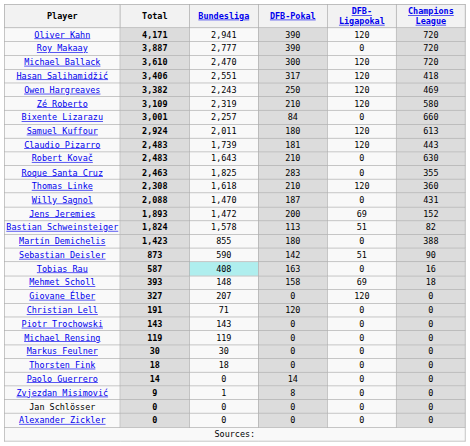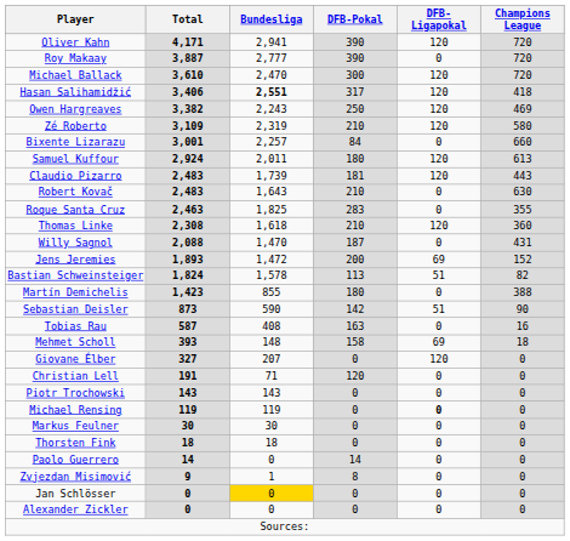 <table class="wikitable" style="text-align: center">
 <tr align="center" style="background:#9C9C9C">
 <th>Player</th>
 <th style="width:100px">Total</th>
 <th style="width:100px"><a href='#'>Bundesliga</a></th>
 <th style="width:100px"><a href='#'>DFB-Pokal</a></th>
 <th style="width:100px"><a href='#'>DFB-Ligapokal</a></th>
 <th style="width:100px"><a href='#'>Champions<br>League</a></th>
 </tr>
 <tr>
 <td><a href='#'>Oliver Kahn</a></td>
 <td style="background:#DCDCDC"><strong>4,171</strong> </td>
 <td>2,941 </td>
 <td style="background:#DCDCDC">390 </td>
 <td>120 </td>
 <td style="background:#DCDCDC">720 </td>
 </tr>
 <tr>
 <td><a href='#'>Roy Makaay</a></td>
 <td style="background:#DCDCDC"><strong>3,887</strong> </td>
 <td>2,777 </td>
 <td style="background:#DCDCDC">390 </td>
 <td>0 </td>
 <td style="background:#DCDCDC">720 </td>
 </tr>
 <tr>
 <td><a href='#'>Michael Ballack</a></td>
 <td style="background:#DCDCDC"><strong>3,610</strong> </td>
 <td>2,470 </td>
 <td style="background:#DCDCDC">300 </td>
 <td>120 </td>
 <td style="background:#DCDCDC">720 </td>
 </tr>
 <tr>
 <td><a href='#'>Hasan Salihamidžić</a></td>
 <td style="background:#DCDCDC"><strong>3,406</strong> </td>
-<td>2,551 </td>
+<td><strong>2,551 </strong></td>
 <td style="background:#DCDCDC">317 </td>
 <td>120 </td>
 <td style="background:#DCDCDC">418 </td>
 </tr>
 <tr>
 <td><a href='#'>Owen Hargreaves</a></td>
 <td style="background:#DCDCDC"><strong>3,382</strong> </td>
 <td>2,243 </td>
 <td style="background:#DCDCDC">250 </td>
 <td>120 </td>
 <td style="background:#DCDCDC">469 </td>
 </tr>
 <tr>
 <td><a href='#'>Zé Roberto</a></td>
 <td style="background:#DCDCDC"><strong>3,109</strong> </td>
 <td>2,319 </td>
 <td style="background:#DCDCDC">210 </td>
 <td>120 </td>
 <td style="background:#DCDCDC">580 </td>
 </tr>
 <tr>
 <td><a href='#'>Bixente Lizarazu</a></td>
 <td style="background:#DCDCDC"><strong>3,001</strong> </td>
 <td>2,257 </td>
 <td style="background:#DCDCDC">84 </td>
 <td>0 </td>
 <td style="background:#DCDCDC">660 </td>
 </tr>
 <tr>
 <td><a href='#'>Samuel Kuffour</a></td>
 <td style="background:#DCDCDC"><strong>2,924</strong> </td>
 <td>2,011 </td>
 <td style="background:#DCDCDC">180 </td>
 <td>120 </td>
 <td style="background:#DCDCDC">613 </td>
 </tr>
 <tr>
 <td><a href='#'>Claudio Pizarro</a></td>
 <td style="background:#DCDCDC"><strong>2,483</strong> </td>
 <td>1,739 </td>
 <td style="background:#DCDCDC">181 </td>
 <td>120 </td>
 <td style="background:#DCDCDC">443 </td>
 </tr>
 <tr>
 <td><a href='#'>Robert Kovač</a></td>
 <td style="background:#DCDCDC"><strong>2,483</strong> </td>
 <td>1,643 </td>
 <td style="background:#DCDCDC">210 </td>
 <td>0 </td>
 <td style="background:#DCDCDC">630 </td>
 </tr>
 <tr>
 <td><a href='#'>Roque Santa Cruz</a></td>
 <td style="background:#DCDCDC"><strong>2,463</strong> </td>
 <td>1,825 </td>
 <td style="background:#DCDCDC">283 </td>
 <td>0 </td>
 <td style="background:#DCDCDC">355 </td>
 </tr>
 <tr>
 <td><a href='#'>Thomas Linke</a></td>
 <td style="background:#DCDCDC"><strong>2,308</strong> </td>
 <td>1,618 </td>
 <td style="background:#DCDCDC">210 </td>
 <td>120 </td>
 <td style="background:#DCDCDC">360 </td>
 </tr>
 <tr>
 <td><a href='#'>Willy Sagnol</a></td>
 <td style="background:#DCDCDC"><strong>2,088</strong> </td>
 <td>1,470 </td>
 <td style="background:#DCDCDC">187 </td>
 <td>0 </td>
 <td style="background:#DCDCDC">431 </td>
 </tr>
 <tr>
 <td><a href='#'>Jens Jeremies</a></td>
 <td style="background:#DCDCDC"><strong>1,893</strong> </td>
 <td>1,472 </td>
 <td style="background:#DCDCDC">200 </td>
 <td>69 </td>
 <td style="background:#DCDCDC">152 </td>
 </tr>
 <tr>
 <td><a href='#'>Bastian Schweinsteiger</a></td>
 <td style="background:#DCDCDC"><strong>1,824</strong> </td>
 <td>1,578 </td>
 <td style="background:#DCDCDC">113 </td>
 <td>51 </td>
 <td style="background:#DCDCDC">82 </td>
 </tr>
 <tr>
 <td><a href='#'>Martín Demichelis</a></td>
 <td style="background:#DCDCDC"><strong>1,423</strong> </td>
 <td>855 </td>
 <td style="background:#DCDCDC">180 </td>
 <td>0 </td>
 <td style="background:#DCDCDC">388 </td>
 </tr>
 <tr>
 <td><a href='#'>Sebastian Deisler</a></td>
 <td style="background:#DCDCDC"><strong>873</strong> </td>
 <td>590 </td>
 <td style="background:#DCDCDC">142 </td>
 <td>51 </td>
 <td style="background:#DCDCDC">90 </td>
 </tr>
 <tr>
 <td><a href='#'>Tobias Rau</a></td>
 <td style="background:#DCDCDC"><strong>587</strong> </td>
-<td style="background: paleturquoise;">408 </td>
+<td>408 </td>
 <td style="background:#DCDCDC">163 </td>
 <td>0 </td>
 <td style="background:#DCDCDC">16 </td>
 </tr>
 <tr>
 <td><a href='#'>Mehmet Scholl</a></td>
 <td style="background:#DCDCDC"><strong>393</strong> </td>
 <td>148 </td>
 <td style="background:#DCDCDC">158 </td>
 <td>69 </td>
 <td style="background:#DCDCDC">18 </td>
 </tr>
 <tr>
 <td><a href='#'>Giovane Élber</a></td>
 <td style="background:#DCDCDC"><strong>327</strong> </td>
 <td>207 </td>
 <td style="background:#DCDCDC">0 </td>
 <td>120 </td>
 <td style="background:#DCDCDC">0 </td>
 </tr>
 <tr>
 <td><a href='#'>Christian Lell</a></td>
 <td style="background:#DCDCDC"><strong>191</strong> </td>
 <td>71 </td>
 <td style="background:#DCDCDC">120 </td>
 <td>0 </td>
 <td style="background:#DCDCDC">0 </td>
 </tr>
 <tr>
 <td><a href='#'>Piotr Trochowski</a></td>
 <td style="background:#DCDCDC"><strong>143</strong> </td>
 <td>143 </td>
 <td style="background:#DCDCDC">0 </td>
 <td>0 </td>
 <td style="background:#DCDCDC">0 </td>
 </tr>
 <tr>
 <td><a href='#'>Michael Rensing</a></td>
 <td style="background:#DCDCDC"><strong>119</strong> </td>
 <td>119 </td>
 <td style="background:#DCDCDC">0 </td>
-<td>0 </td>
+<td><strong>0 </strong></td>
 <td style="background:#DCDCDC">0 </td>
 </tr>
 <tr>
 <td><a href='#'>Markus Feulner</a></td>
 <td style="background:#DCDCDC"><strong>30</strong> </td>
 <td>30 </td>
 <td style="background:#DCDCDC">0 </td>
 <td>0 </td>
 <td style="background:#DCDCDC">0 </td>
 </tr>
 <tr>
 <td><a href='#'>Thorsten Fink</a></td>
 <td style="background:#DCDCDC"><strong>18</strong> </td>
 <td>18 </td>
 <td style="background:#DCDCDC">0 </td>
 <td>0 </td>
 <td style="background:#DCDCDC">0 </td>
 </tr>
 <tr>
 <td><a href='#'>Paolo Guerrero</a></td>
 <td style="background:#DCDCDC"><strong>14</strong> </td>
 <td>0 </td>
 <td style="background:#DCDCDC">14 </td>
 <td>0 </td>
 <td style="background:#DCDCDC">0 </td>
 </tr>
 <tr>
 <td><a href='#'>Zvjezdan Misimović</a></td>
 <td style="background:#DCDCDC"><strong>9</strong> </td>
 <td>1 </td>
 <td style="background:#DCDCDC">8 </td>
 <td>0 </td>
 <td style="background:#DCDCDC">0 </td>
 </tr>
 <tr>
 <td>Jan Schlösser</td>
 <td style="background:#DCDCDC"><strong>0</strong> </td>
-<td>0 </td>
+<td style="background: gold;">0 </td>
 <td style="background:#DCDCDC">0 </td>
 <td>0 </td>
 <td style="background:#DCDCDC">0 </td>
 </tr>
 <tr>
 <td><a href='#'>Alexander Zickler</a></td>
 <td style="background:#DCDCDC"><strong>0</strong> </td>
 <td>0 </td>
 <td style="background:#DCDCDC">0 </td>
 <td>0 </td>
 <td style="background:#DCDCDC">0 </td>
 </tr>
 <tr>
 <td colspan="10">Sources:</td>
 </tr>
 </table>
